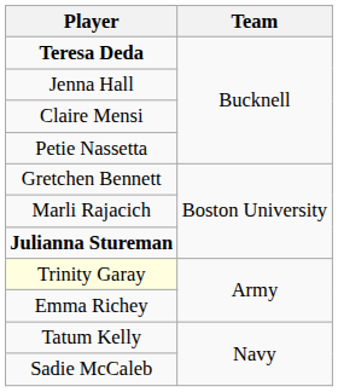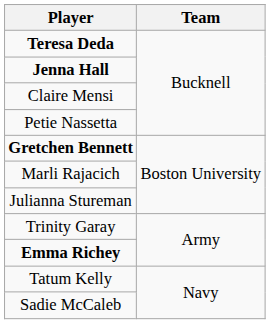 <table class="wikitable" style="text-align: center;">
 <tr>
 <th>Player</th>
 <th>Team</th>
 </tr>
 <tr>
 <td><strong>Teresa Deda</strong></td>
 <td rowspan=4>Bucknell</td>
 </tr>
 <tr>
-<td>Jenna Hall</td>
+<td><strong>Jenna Hall</strong></td>
 </tr>
 <tr>
 <td>Claire Mensi</td>
 </tr>
 <tr>
 <td>Petie Nassetta</td>
 </tr>
 <tr>
-<td>Gretchen Bennett</td>
+<td><strong>Gretchen Bennett</strong></td>
 <td rowspan=3>Boston University</td>
 </tr>
 <tr>
 <td>Marli Rajacich</td>
 </tr>
 <tr>
-<td><strong>Julianna Stureman</strong></td>
+<td>Julianna Stureman</td>
 </tr>
 <tr>
-<td style="background: lightyellow;">Trinity Garay</td>
+<td>Trinity Garay</td>
 <td rowspan=2>Army</td>
 </tr>
 <tr>
-<td>Emma Richey</td>
+<td><strong>Emma Richey</strong></td>
 </tr>
 <tr>
 <td>Tatum Kelly</td>
 <td rowspan=2>Navy</td>
 </tr>
 <tr>
 <td>Sadie McCaleb</td>
 </tr>
 </table>
